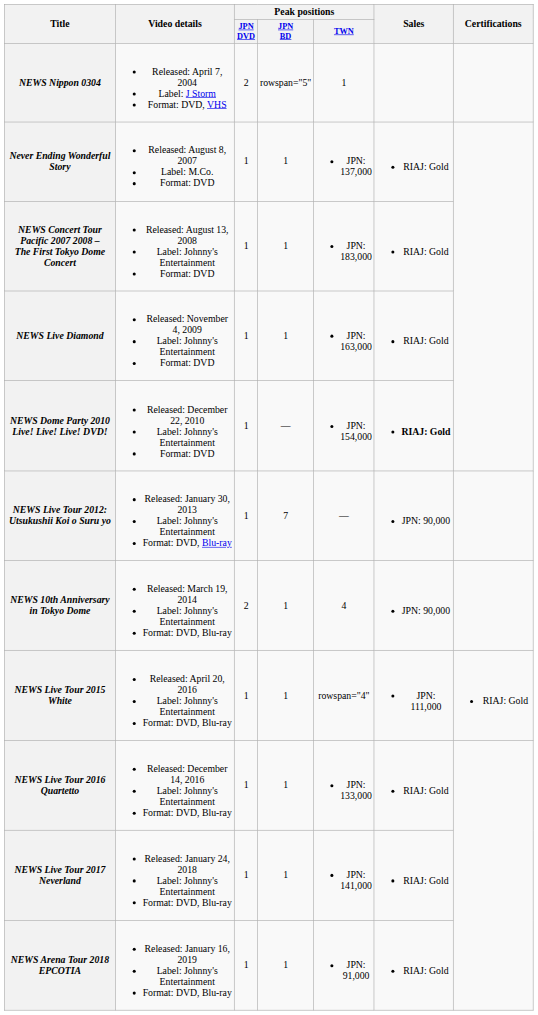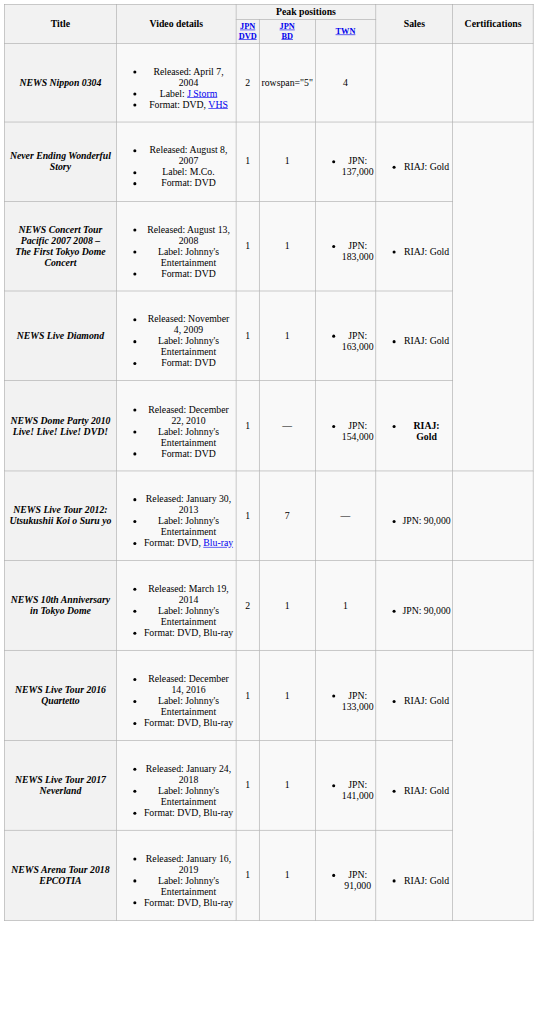 <table class="wikitable plainrowheaders" style="text-align:center;" border="1">
 <tr>
 <th scope="col" rowspan="2" style="width:18em;">Title</th>
 <th scope="col" rowspan="2" style="width:16em;">Video details</th>
 <th scope="col" colspan="3">Peak positions</th>
 <th scope="col" rowspan="2" style="width:10em;">Sales</th>
 <th scope="col" rowspan="2" style="width:10em;">Certifications<br></th>
 </tr>
 <tr>
 <th scope="col" style="width:2.5em;font-size:85%;"><a href='#'>JPN<br>DVD</a><br></th>
 <th scope="col" style="width:2.5em;font-size:85%;"><a href='#'>JPN<br>BD</a><br></th>
 <th scope="col" style="width:2.5em;font-size:85%;"><a href='#'>TWN</a><br></th>
 </tr>
 <tr>
 <th scope="row"><em>NEWS Nippon 0304</em></th>
 <td><br><ul><li>Released: April 7, 2004</li><li>Label: <a href='#'>J Storm</a></li><li>Format: DVD, <a href='#'>VHS</a></li></ul></td>
 <td>2</td>
 <td>rowspan="5" </td>
-<td>1</td>
+<td>4</td>
 <td></td>
 <td></td>
 </tr>
 <tr>
 <th scope="row"><em>Never Ending Wonderful Story</em></th>
 <td><br><ul><li>Released: August 8, 2007</li><li>Label: M.Co.</li><li>Format: DVD</li></ul></td>
 <td>1</td>
 <td>1</td>
 <td><br><ul><li>JPN: 137,000</li></ul></td>
 <td><br><ul><li>RIAJ: Gold</li></ul></td>
 </tr>
 <tr>
 <th scope="row"><em>NEWS Concert Tour Pacific 2007 2008 – <br>The First Tokyo Dome Concert</em></th>
 <td><br><ul><li>Released: August 13, 2008</li><li>Label: Johnny's Entertainment</li><li>Format: DVD</li></ul></td>
 <td>1</td>
 <td>1</td>
 <td><br><ul><li>JPN: 183,000</li></ul></td>
 <td><br><ul><li>RIAJ: Gold</li></ul></td>
 </tr>
 <tr>
 <th scope="row"><em>NEWS Live Diamond</em></th>
 <td><br><ul><li>Released: November 4, 2009</li><li>Label: Johnny's Entertainment</li><li>Format: DVD</li></ul></td>
 <td>1</td>
 <td>1</td>
 <td><br><ul><li>JPN: 163,000</li></ul></td>
 <td><br><ul><li>RIAJ: Gold</li></ul></td>
 </tr>
 <tr>
 <th scope="row"><em>NEWS Dome Party 2010 Live! Live! Live! DVD!</em></th>
 <td><br><ul><li>Released: December 22, 2010</li><li>Label: Johnny's Entertainment</li><li>Format: DVD</li></ul></td>
 <td>1</td>
 <td>—</td>
 <td><br><ul><li>JPN: 154,000</li></ul></td>
 <td><strong><br><ul><li>RIAJ: Gold</li></ul></strong></td>
 </tr>
 <tr>
 <th scope="row"><em>NEWS Live Tour 2012: Utsukushii Koi o Suru yo</em></th>
 <td><br><ul><li>Released: January 30, 2013</li><li>Label: Johnny's Entertainment</li><li>Format: DVD, <a href='#'>Blu-ray</a></li></ul></td>
 <td>1</td>
 <td>7</td>
 <td>—</td>
 <td><br><ul><li>JPN: 90,000</li></ul></td>
 <td></td>
 </tr>
 <tr>
 <th scope="row"><em>NEWS 10th Anniversary in Tokyo Dome</em></th>
 <td><br><ul><li>Released: March 19, 2014</li><li>Label: Johnny's Entertainment</li><li>Format: DVD, Blu-ray</li></ul></td>
 <td>2</td>
 <td>1</td>
-<td>4</td>
+<td>1</td>
 <td><br><ul><li>JPN: 90,000</li></ul></td>
 <td></td>
-</tr>
-<tr>
-<th scope="row"><em>NEWS Live Tour 2015 White</em></th>
-<td><br><ul><li>Released: April 20, 2016</li><li>Label: Johnny's Entertainment</li><li>Format: DVD, Blu-ray</li></ul></td>
-<td>1</td>
-<td>1</td>
-<td>rowspan="4" </td>
-<td><br><ul><li>JPN: 111,000</li></ul></td>
-<td><br><ul><li>RIAJ: Gold</li></ul></td>
 </tr>
 <tr>
 <th scope="row"><em>NEWS Live Tour 2016 Quartetto</em></th>
 <td><br><ul><li>Released: December 14, 2016</li><li>Label: Johnny's Entertainment</li><li>Format: DVD, Blu-ray</li></ul></td>
 <td>1</td>
 <td>1</td>
 <td><br><ul><li>JPN: 133,000</li></ul></td>
 <td><br><ul><li>RIAJ: Gold</li></ul></td>
 </tr>
 <tr>
 <th scope="row"><em>NEWS Live Tour 2017 Neverland</em></th>
 <td><br><ul><li>Released: January 24, 2018</li><li>Label: Johnny's Entertainment</li><li>Format: DVD, Blu-ray</li></ul></td>
 <td>1</td>
 <td>1</td>
 <td><br><ul><li>JPN: 141,000</li></ul></td>
 <td><br><ul><li>RIAJ: Gold</li></ul></td>
 </tr>
 <tr>
 <th scope="row"><em>NEWS Arena Tour 2018 EPCOTIA</em></th>
 <td><br><ul><li>Released: January 16, 2019</li><li>Label: Johnny's Entertainment</li><li>Format: DVD, Blu-ray</li></ul></td>
 <td>1</td>
 <td>1</td>
 <td><br><ul><li>JPN: 91,000</li></ul></td>
 <td><br><ul><li>RIAJ: Gold</li></ul></td>
 </tr>
 </table>
